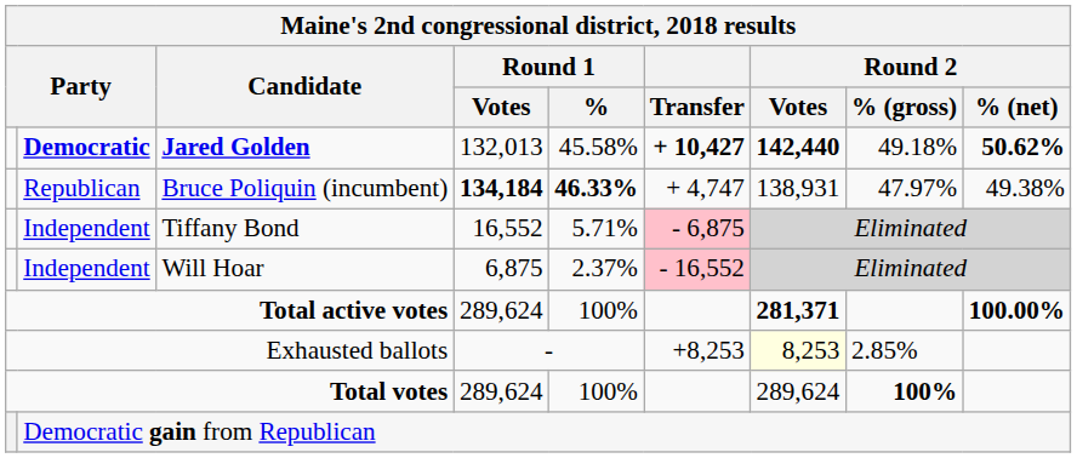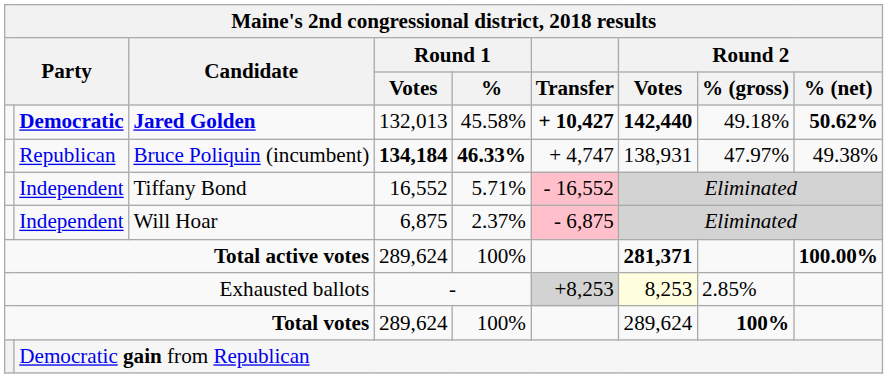 <table class="wikitable">
 <tr>
 <th colspan="12">Maine's 2nd congressional district, 2018 results</th>
 </tr>
 <tr>
 <th colspan="2" rowspan="2">Party</th>
 <th rowspan="2">Candidate</th>
 <th colspan="2">Round 1</th>
 <th></th>
 <th colspan="3">Round 2</th>
 </tr>
 <tr>
 <th>Votes</th>
 <th>%</th>
 <th>Transfer</th>
 <th>Votes</th>
 <th>% (gross)</th>
 <th>% (net)</th>
 </tr>
 <tr align=right>
 <td style="background-color:"></td>
 <td align=left><strong><a href='#'>Democratic</a></strong></td>
 <td align=left><strong><a href='#'>Jared Golden</a></strong></td>
 <td>132,013</td>
 <td>45.58%</td>
 <td><strong>+ 10,427</strong></td>
 <td><strong>142,440</strong></td>
 <td>49.18%</td>
 <td><strong>50.62%</strong></td>
 </tr>
 <tr align=right>
 <td style="background-color:"></td>
 <td align=left><a href='#'>Republican</a></td>
 <td align=left><a href='#'>Bruce Poliquin</a> (incumbent)</td>
 <td><strong>134,184</strong></td>
 <td><strong>46.33%</strong></td>
 <td>+ 4,747</td>
 <td>138,931</td>
 <td>47.97%</td>
 <td>49.38%</td>
 </tr>
 <tr align=right>
 <td style="background-color:"></td>
 <td align=left><a href='#'>Independent</a></td>
 <td align=left>Tiffany Bond</td>
 <td>16,552</td>
 <td> 5.71%</td>
-<td BGCOLOR=pink>- 6,875</td>
+<td BGCOLOR=pink>- 16,552</td>
 <td colspan=3 bgcolor=lightgray align=center><em>Eliminated</em></td>
 </tr>
 <tr align=right>
 <td style="background-color:"></td>
 <td align=left><a href='#'>Independent</a></td>
 <td align=left>Will Hoar</td>
 <td>6,875</td>
 <td> 2.37%</td>
-<td BGCOLOR=pink>- 16,552</td>
+<td BGCOLOR=pink>- 6,875</td>
 <td colspan=3 bgcolor=lightgray align=center><em>Eliminated</em></td>
 </tr>
 <tr align=right>
 <td colspan="3" align="right"><strong>Total active votes</strong></td>
 <td>289,624</td>
 <td>100%</td>
 <td></td>
 <td><strong>281,371</strong></td>
 <td></td>
 <td><strong>100.00%</strong></td>
 </tr>
 <tr align=right>
 <td colspan=3>Exhausted ballots</td>
 <td colspan=2 align=center>-</td>
-<td>+8,253</td>
+<td style="background: lightgrey;">+8,253</td>
 <td style="background: lightyellow;">8,253</td>
 <td align=left>2.85%</td>
 <td></td>
 </tr>
 <tr align=right>
 <td colspan="3" align="right"><strong>Total votes</strong></td>
 <td>289,624</td>
 <td>100%</td>
 <td></td>
 <td>289,624</td>
 <td><strong>100%</strong></td>
 <td></td>
 </tr>
 <tr class="sortbottom" style="background:#f6f6f6;">
 <th style="background-color:"></th>
 <td style="text-align:left" colspan=8><a href='#'>Democratic</a> <strong>gain</strong> from <a href='#'>Republican</a></td>
 </tr>
 </table>
